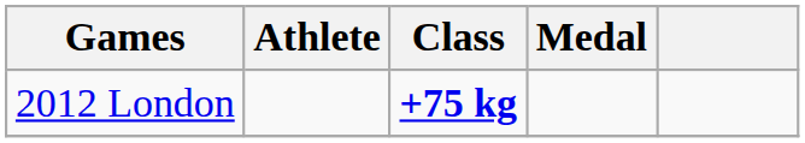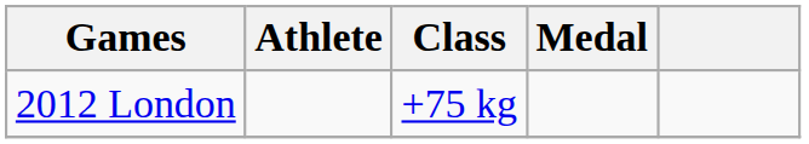 <table class="wikitable sortable">
 <tr>
 <th>Games</th>
 <th>Athlete</th>
 <th>Class</th>
 <th>Medal</th>
 <th class="unsortable" style="width:3em"></th>
 </tr>
 <tr>
 <td> <a href='#'>2012 London</a></td>
 <td></td>
-<td><strong><a href='#'>+75 kg</a></strong></td>
+<td><a href='#'>+75 kg</a></td>
 <td></td>
 <td></td>
 </tr>
 <tr>
 </tr>
 </table>
